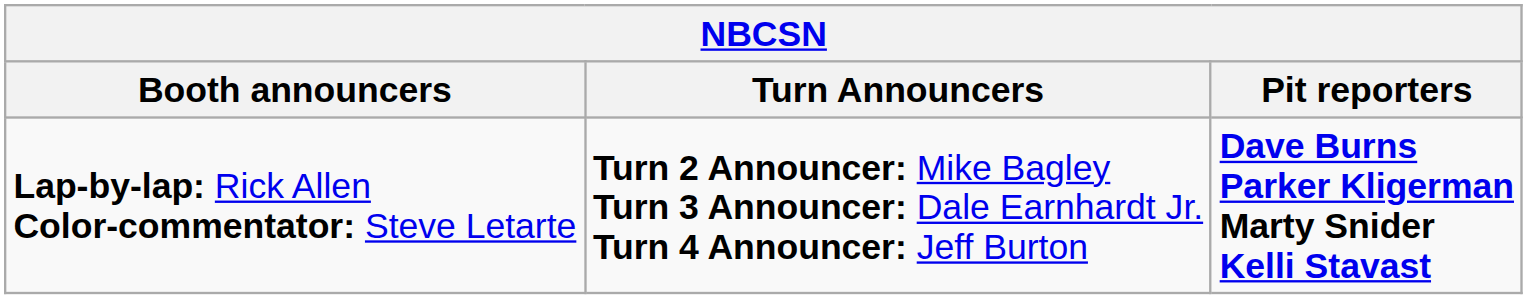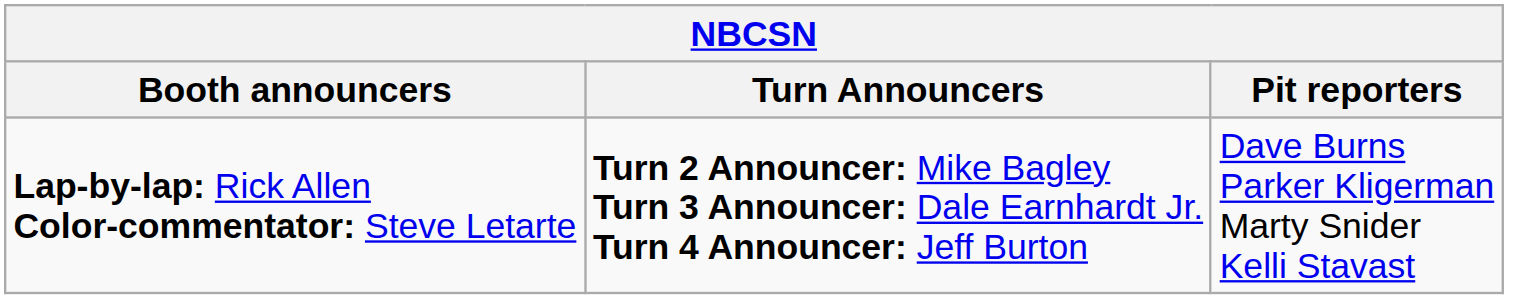 <table class="wikitable" style="font-size: 95%">
 <tr>
 <th colspan="3"><a href='#'>NBCSN</a></th>
 </tr>
 <tr>
 <th>Booth announcers</th>
 <th>Turn Announcers</th>
 <th>Pit reporters</th>
 </tr>
 <tr>
 <td><strong>Lap-by-lap:</strong> <a href='#'>Rick Allen</a><br><strong>Color-commentator:</strong> <a href='#'>Steve Letarte</a></td>
 <td><strong>Turn 2 Announcer:</strong> <a href='#'>Mike Bagley</a><br> <strong>Turn 3 Announcer:</strong> <a href='#'>Dale Earnhardt Jr.</a><br><strong>Turn 4 Announcer:</strong> <a href='#'>Jeff Burton</a></td>
-<td><strong><a href='#'>Dave Burns</a><br><a href='#'>Parker Kligerman</a><br>Marty Snider<br><a href='#'>Kelli Stavast</a></strong></td>
+<td><a href='#'>Dave Burns</a><br><a href='#'>Parker Kligerman</a><br>Marty Snider<br><a href='#'>Kelli Stavast</a></td>
 </tr>
 </table>
